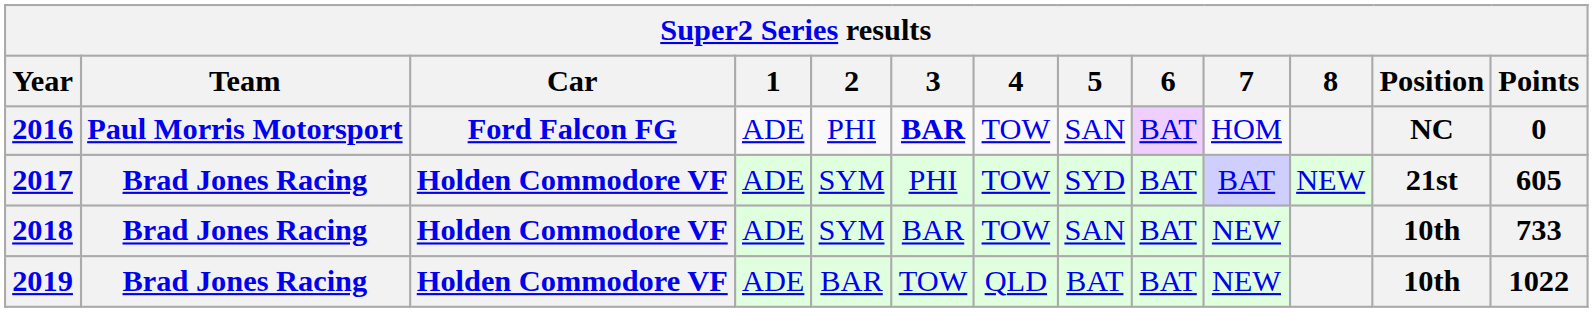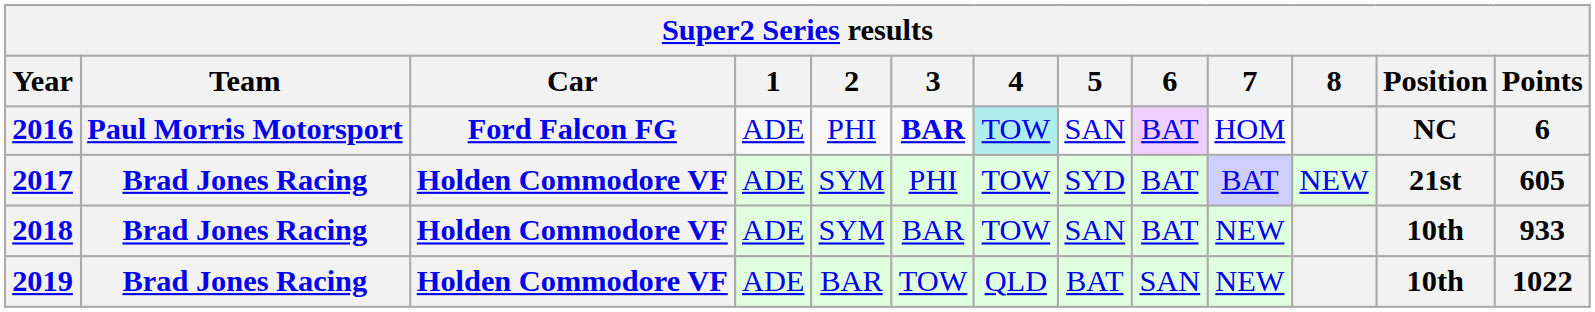 <table class="wikitable" style="text-align:center; font-size:90%">
 <tr>
 <th colspan=45><a href='#'>Super2 Series</a> results</th>
 </tr>
 <tr>
 <th>Year</th>
 <th>Team</th>
 <th>Car</th>
 <th>1</th>
 <th>2</th>
 <th>3</th>
 <th>4</th>
 <th>5</th>
 <th>6</th>
 <th>7</th>
 <th>8</th>
 <th>Position</th>
 <th>Points</th>
 </tr>
 <tr>
 <th><a href='#'>2016</a></th>
 <th><a href='#'>Paul Morris Motorsport</a></th>
 <th><a href='#'>Ford Falcon FG</a></th>
 <td><a href='#'>ADE</a></td>
 <td><a href='#'>PHI</a></td>
 <td><strong><a href='#'>BAR</a></strong></td>
-<td><a href='#'>TOW</a></td>
+<td style="background: paleturquoise;"><a href='#'>TOW</a></td>
 <td><a href='#'>SAN</a></td>
 <td style="background:#efcfff"><a href='#'>BAT</a><br></td>
 <td><a href='#'>HOM</a></td>
 <th></th>
 <th>NC</th>
-<th>0</th>
+<th>6</th>
 </tr>
 <tr>
 <th><a href='#'>2017</a></th>
 <th><a href='#'>Brad Jones Racing</a></th>
 <th><a href='#'>Holden Commodore VF</a></th>
 <td style="background:#dfffdf"><a href='#'>ADE</a><br></td>
 <td style="background:#dfffdf"><a href='#'>SYM</a><br></td>
 <td style="background:#dfffdf"><a href='#'>PHI</a><br></td>
 <td style="background:#dfffdf"><a href='#'>TOW</a><br></td>
 <td style="background:#dfffdf"><a href='#'>SYD</a><br></td>
 <td style="background:#dfffdf"><a href='#'>BAT</a><br></td>
 <td style="background:#cfcfff"><a href='#'>BAT</a><br></td>
 <td style="background:#dfffdf"><a href='#'>NEW</a><br></td>
 <th>21st</th>
 <th>605</th>
 </tr>
 <tr>
 <th><a href='#'>2018</a></th>
 <th><a href='#'>Brad Jones Racing</a></th>
 <th><a href='#'>Holden Commodore VF</a></th>
 <td style="background:#dfffdf"><a href='#'>ADE</a><br></td>
 <td style="background:#dfffdf"><a href='#'>SYM</a><br></td>
 <td style="background:#dfffdf"><a href='#'>BAR</a><br></td>
 <td style="background:#dfffdf"><a href='#'>TOW</a><br></td>
 <td style="background:#dfffdf"><a href='#'>SAN</a><br></td>
 <td style="background:#dfffdf"><a href='#'>BAT</a><br></td>
 <td style="background:#dfffdf"><a href='#'>NEW</a><br></td>
 <th></th>
 <th>10th</th>
-<th>733</th>
+<th>933</th>
 </tr>
 <tr>
 <th><a href='#'>2019</a></th>
 <th><a href='#'>Brad Jones Racing</a></th>
 <th><a href='#'>Holden Commodore VF</a></th>
 <td style="background:#dfffdf"><a href='#'>ADE</a><br></td>
 <td style="background:#dfffdf"><a href='#'>BAR</a><br></td>
 <td style="background:#dfffdf"><a href='#'>TOW</a><br></td>
 <td style="background:#dfffdf"><a href='#'>QLD</a><br></td>
 <td style="background:#dfffdf"><a href='#'>BAT</a><br></td>
-<td style="background:#dfffdf"><a href='#'>BAT</a><br></td>
+<td style="background:#dfffdf"><a href='#'>SAN</a><br></td>
 <td style="background:#dfffdf"><a href='#'>NEW</a><br></td>
 <th></th>
 <th>10th</th>
 <th>1022</th>
 </tr>
 </table>
